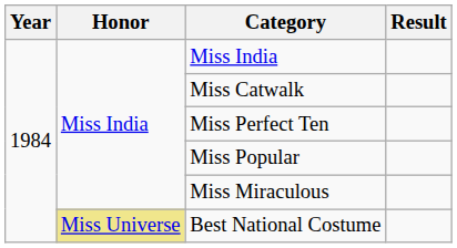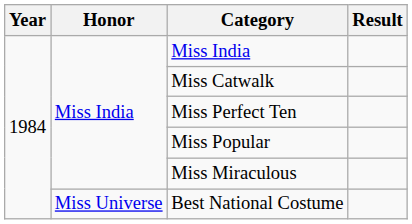 <table class="wikitable" style="font-size: 90%;">
 <tr>
 <th>Year</th>
 <th>Honor</th>
 <th>Category</th>
 <th>Result</th>
 </tr>
 <tr>
 <td rowspan=6>1984</td>
 <td rowspan=5><a href='#'>Miss India</a></td>
 <td><a href='#'>Miss India</a></td>
 <td></td>
 </tr>
 <tr>
 <td>Miss Catwalk</td>
 <td></td>
 </tr>
 <tr>
 <td>Miss Perfect Ten</td>
 <td></td>
 </tr>
 <tr>
 <td>Miss Popular</td>
 <td></td>
 </tr>
 <tr>
 <td>Miss Miraculous</td>
 <td></td>
 </tr>
 <tr>
-<td rowspan=1 style="background: khaki;"><a href='#'>Miss Universe</a></td>
+<td rowspan=1><a href='#'>Miss Universe</a></td>
 <td>Best National Costume</td>
 <td></td>
 </tr>
 </table>
